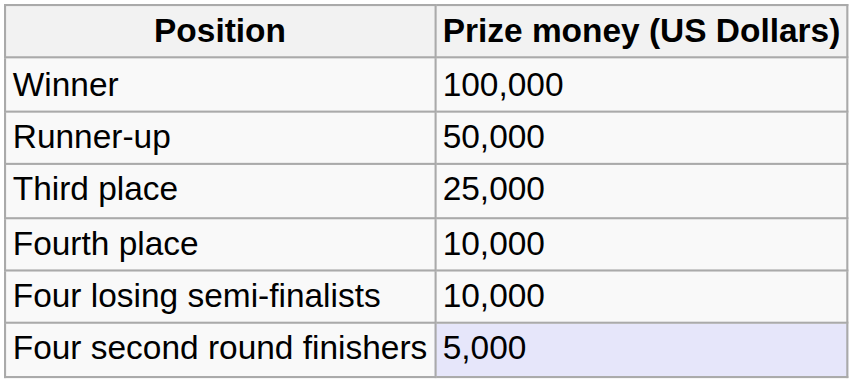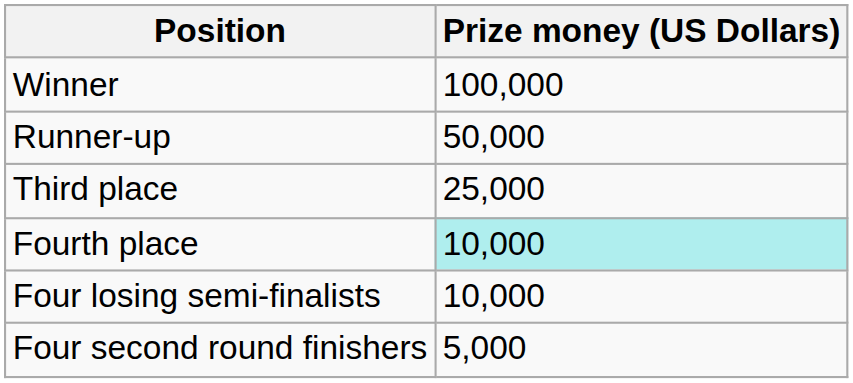 <table class="wikitable">
 <tr>
 <th>Position</th>
 <th>Prize money (US Dollars)</th>
 </tr>
 <tr>
 <td>Winner</td>
 <td>100,000</td>
 </tr>
 <tr>
 <td>Runner-up</td>
 <td>50,000</td>
 </tr>
 <tr>
 <td>Third place</td>
 <td>25,000</td>
 </tr>
 <tr>
 <td>Fourth place</td>
-<td>10,000</td>
+<td style="background: paleturquoise;">10,000</td>
 </tr>
 <tr>
 <td>Four losing semi-finalists</td>
 <td>10,000</td>
 </tr>
 <tr>
 <td>Four second round finishers</td>
-<td style="background: lavender;">5,000</td>
+<td>5,000</td>
 </tr>
 </table>
